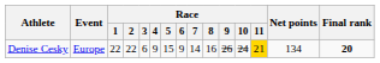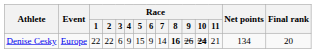 <table class="wikitable" style="font-size:90%">
 <tr>
 <th rowspan="2">Athlete</th>
 <th rowspan="2">Event</th>
 <th colspan=11>Race</th>
 <th rowspan=2>Net points</th>
 <th rowspan=2>Final rank</th>
 </tr>
 <tr style="font-size:95%">
 <th>1</th>
 <th>2</th>
 <th>3</th>
 <th>4</th>
 <th>5</th>
 <th>6</th>
 <th>7</th>
 <th>8</th>
 <th>9</th>
 <th>10</th>
 <th>11</th>
 </tr>
 <tr align=center>
 <td align=left><a href='#'>Denise Cesky</a></td>
 <td align=left><a href='#'>Europe</a></td>
 <td>22</td>
 <td>22</td>
 <td>6</td>
 <td>9</td>
 <td>15</td>
 <td>9</td>
 <td>14</td>
-<td>16</td>
+<td><strong>16</strong></td>
 <td><s>26</s></td>
-<td><s>24</s></td>
-<td style="background: gold;">21</td>
+<td><strong><s>24</s></strong></td>
+<td>21</td>
 <td>134</td>
-<td><strong>20</strong></td>
+<td>20</td>
 </tr>
 </table>
